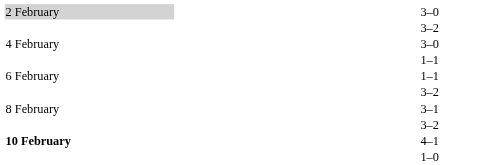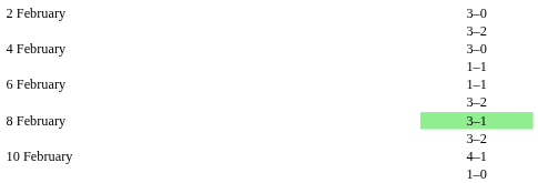 <table cellspacing="1" style="width:70%;">
 <tr>
 <th width=25%></th>
 <th width=30%></th>
 <th width=15%></th>
 <th width=30%></th>
 </tr>
 <tr>
-<td style="background: lightgrey;">2 February</td>
+<td>2 February</td>
 <td align=right></td>
 <td align=center>3–0</td>
 <td></td>
 </tr>
 <tr>
 <td></td>
 <td align=right></td>
 <td align=center>3–2</td>
 <td></td>
 </tr>
 <tr>
 <td>4 February</td>
 <td align=right></td>
 <td align=center>3–0</td>
 <td></td>
 </tr>
 <tr>
 <td></td>
 <td align=right></td>
 <td align=center>1–1</td>
 <td></td>
 </tr>
 <tr>
 <td>6 February</td>
 <td align=right></td>
 <td align=center>1–1</td>
 <td></td>
 </tr>
 <tr>
 <td></td>
 <td align=right></td>
 <td align=center>3–2</td>
 <td></td>
 </tr>
 <tr>
 <td>8 February</td>
 <td align=right></td>
-<td align=center>3–1</td>
+<td align=center style="background: lightgreen;">3–1</td>
 <td></td>
 </tr>
 <tr>
 <td></td>
 <td align=right></td>
 <td align=center>3–2</td>
 <td></td>
 </tr>
 <tr>
-<td><strong>10 February</strong></td>
+<td>10 February</td>
 <td align=right></td>
 <td align=center>4–1</td>
 <td></td>
 </tr>
 <tr>
 <td></td>
 <td align=right></td>
 <td align=center>1–0</td>
 <td></td>
 </tr>
 </table>
